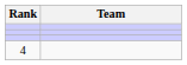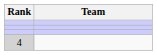 <table class="wikitable" style="text-align: center;">
 <tr>
 <th width=40>Rank</th>
 <th width=180>Team</th>
 </tr>
 <tr bgcolor="#ccccff">
 <td></td>
 <td align="left"></td>
 </tr>
 <tr bgcolor="#ccccff">
 <td></td>
 <td align="left"></td>
 </tr>
 <tr bgcolor="#ccccff">
 <td></td>
 <td align="left"></td>
 </tr>
 <tr>
-<td>4</td>
+<td style="background: lightgrey;">4</td>
 <td align="left"></td>
 </tr>
 </table>
